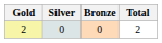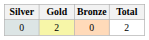 <table class=wikitable style="border:1px solid #AAAAAA">
 <tr bgcolor="#EFEFEF">
+<th width=50>Silver</th>
 <th width=50>Gold</th>
-<th width=50>Silver</th>
 <th width=50>Bronze</th>
 <th width=50>Total</th>
 </tr>
 <tr align="center" bgcolor="#FFFFFF">
+<td style="background:#DCE5E5;">0</td>
 <td style="background:#F7F6A8;">2</td>
-<td style="background:#DCE5E5;">0</td>
 <td style="background:#FFDAB9;">0</td>
 <td>2</td>
 </tr>
 </table>
